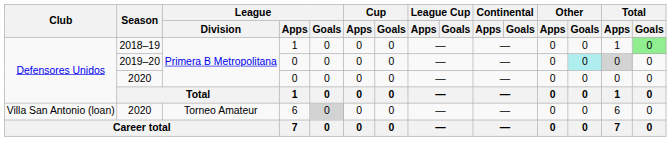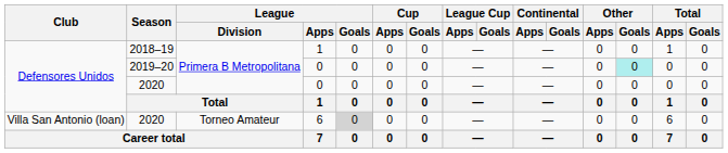 <table class="wikitable" style="text-align:center">
 <tr>
 <th rowspan="2">Club</th>
 <th rowspan="2">Season</th>
 <th colspan="3">League</th>
 <th colspan="2">Cup</th>
 <th colspan="2">League Cup</th>
 <th colspan="2">Continental</th>
 <th colspan="2">Other</th>
 <th colspan="2">Total</th>
 </tr>
 <tr>
 <th>Division</th>
 <th>Apps</th>
 <th>Goals</th>
 <th>Apps</th>
 <th>Goals</th>
 <th>Apps</th>
 <th>Goals</th>
 <th>Apps</th>
 <th>Goals</th>
 <th>Apps</th>
 <th>Goals</th>
 <th>Apps</th>
 <th>Goals</th>
 </tr>
 <tr>
 <td rowspan="4"><a href='#'>Defensores Unidos</a></td>
 <td>2018–19</td>
 <td rowspan="3"><a href='#'>Primera B Metropolitana</a></td>
 <td>1</td>
 <td>0</td>
 <td>0</td>
 <td>0</td>
 <td colspan="2">—</td>
 <td colspan="2">—</td>
 <td>0</td>
 <td>0</td>
 <td>1</td>
-<td style="background: lightgreen;">0</td>
+<td>0</td>
 </tr>
 <tr>
 <td>2019–20</td>
 <td>0</td>
 <td>0</td>
 <td>0</td>
 <td>0</td>
 <td colspan="2">—</td>
 <td colspan="2">—</td>
 <td>0</td>
 <td style="background: paleturquoise;">0</td>
-<td style="background: lightgrey;">0</td>
+<td>0</td>
 <td>0</td>
 </tr>
 <tr>
 <td>2020</td>
 <td>0</td>
 <td>0</td>
 <td>0</td>
 <td>0</td>
 <td colspan="2">—</td>
 <td colspan="2">—</td>
 <td>0</td>
 <td>0</td>
 <td>0</td>
 <td>0</td>
 </tr>
 <tr>
 <th colspan="2">Total</th>
 <th>1</th>
 <th>0</th>
 <th>0</th>
 <th>0</th>
 <th colspan="2">—</th>
 <th colspan="2">—</th>
 <th>0</th>
 <th>0</th>
 <th>1</th>
 <th>0</th>
 </tr>
 <tr>
 <td rowspan="1">Villa San Antonio (loan)</td>
 <td>2020</td>
 <td rowspan="1">Torneo Amateur</td>
 <td>6</td>
 <td style="background: lightgrey;">0</td>
 <td>0</td>
 <td>0</td>
 <td colspan="2">—</td>
 <td colspan="2">—</td>
 <td>0</td>
 <td>0</td>
 <td>6</td>
 <td>0</td>
 </tr>
 <tr>
 <th colspan="3">Career total</th>
 <th>7</th>
 <th>0</th>
 <th>0</th>
 <th>0</th>
 <th colspan="2">—</th>
 <th colspan="2">—</th>
 <th>0</th>
 <th>0</th>
 <th>7</th>
 <th>0</th>
 </tr>
 </table>
